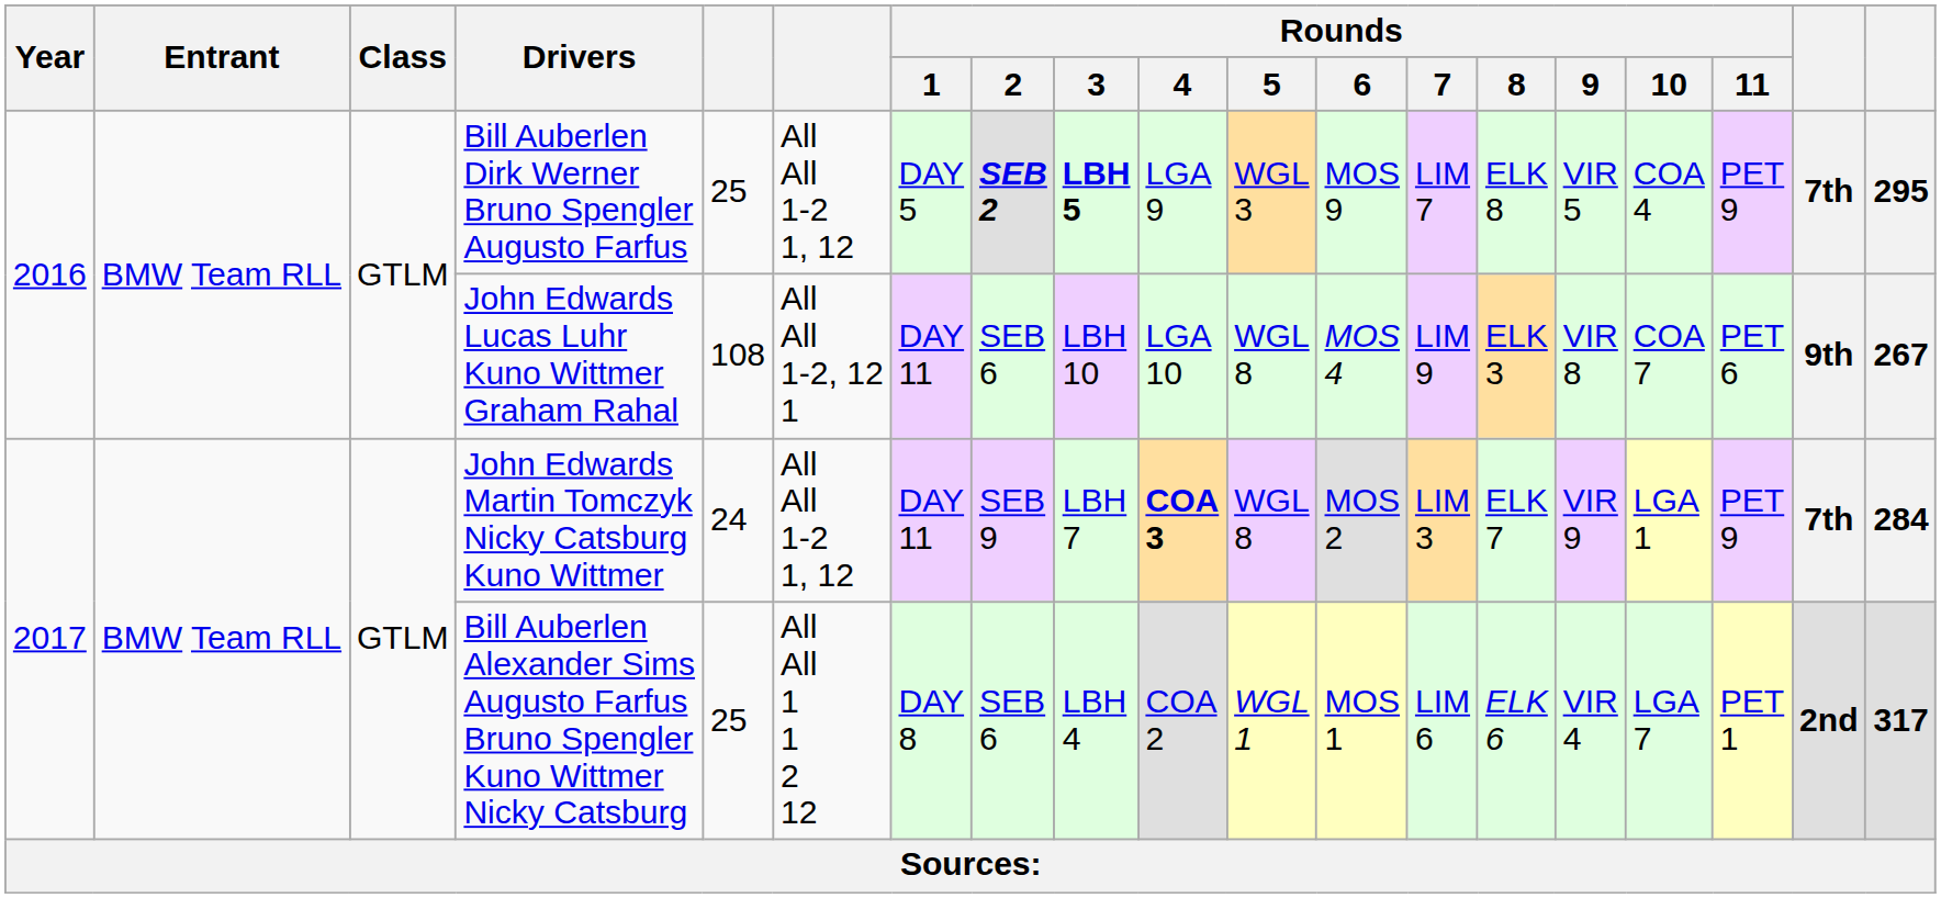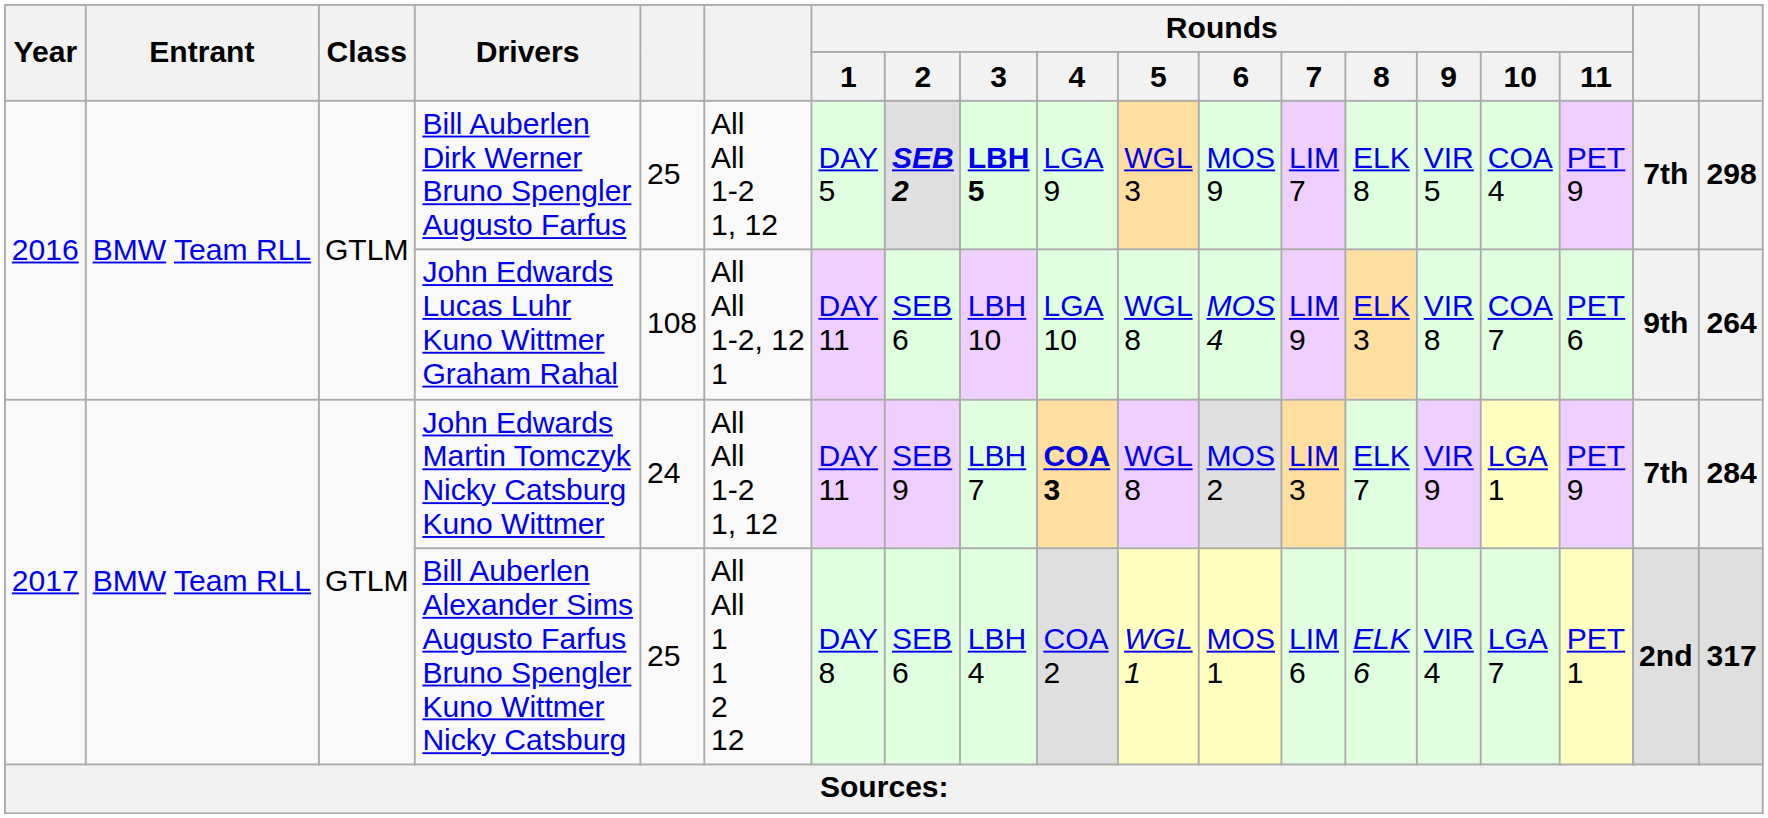 <table class="wikitable">
 <tr>
 <th rowspan="2">Year</th>
 <th rowspan="2">Entrant</th>
 <th rowspan="2">Class</th>
 <th rowspan="2">Drivers</th>
 <th rowspan="2"></th>
 <th rowspan="2"></th>
 <th colspan="11">Rounds</th>
 <th rowspan="2"></th>
 <th rowspan="2"></th>
 </tr>
 <tr>
 <th>1</th>
 <th>2</th>
 <th>3</th>
 <th>4</th>
 <th>5</th>
 <th>6</th>
 <th>7</th>
 <th>8</th>
 <th>9</th>
 <th>10</th>
 <th>11</th>
 </tr>
 <tr>
 <td rowspan="2"><a href='#'>2016</a></td>
 <td rowspan="2"> <a href='#'>BMW</a> <a href='#'>Team RLL</a></td>
 <td rowspan="2">GTLM</td>
 <td> <a href='#'>Bill Auberlen</a><br> <a href='#'>Dirk Werner</a><br> <a href='#'>Bruno Spengler</a><br> <a href='#'>Augusto Farfus</a></td>
 <td>25</td>
 <td>All<br>All<br>1-2<br>1, 12</td>
 <td style="background:#DFFFDF;"><a href='#'>DAY</a><br>5</td>
 <td style="background:#DFDFDF;”"><strong><em><a href='#'>SEB</a><br>2</em></strong></td>
 <td style="background:#DFFFDF;"><strong><a href='#'>LBH</a><br>5</strong></td>
 <td style="background:#DFFFDF;"><a href='#'>LGA</a><br>9</td>
 <td style="background:#FFDF9F;”"><a href='#'>WGL</a><br>3</td>
 <td style="background:#DFFFDF;"><a href='#'>MOS</a><br>9</td>
 <td style="background:#EFCFFF;"><a href='#'>LIM</a><br>7</td>
 <td style="background:#DFFFDF;"><a href='#'>ELK</a><br>8</td>
 <td style="background:#DFFFDF;"><a href='#'>VIR</a><br>5</td>
 <td style="background:#DFFFDF;"><a href='#'>COA</a><br>4</td>
 <td style="background:#EFCFFF;"><a href='#'>PET</a><br>9</td>
 <th>7th</th>
-<th>295</th>
+<th>298</th>
 </tr>
 <tr>
 <td> <a href='#'>John Edwards</a><br> <a href='#'>Lucas Luhr</a><br> <a href='#'>Kuno Wittmer</a><br> <a href='#'>Graham Rahal</a></td>
 <td>108</td>
 <td>All<br>All<br>1-2, 12<br>1</td>
 <td style="background:#EFCFFF;"><a href='#'>DAY</a><br>11</td>
 <td style="background:#DFFFDF;"><a href='#'>SEB</a><br>6</td>
 <td style="background:#EFCFFF;"><a href='#'>LBH</a><br>10</td>
 <td style="background:#DFFFDF;"><a href='#'>LGA</a><br>10</td>
 <td style="background:#DFFFDF;"><a href='#'>WGL</a><br>8</td>
 <td style="background:#DFFFDF;"><em><a href='#'>MOS</a><br>4</em></td>
 <td style="background:#EFCFFF;"><a href='#'>LIM</a><br>9</td>
 <td style="background:#FFDF9F;”"><a href='#'>ELK</a><br>3</td>
 <td style="background:#DFFFDF;"><a href='#'>VIR</a><br>8</td>
 <td style="background:#DFFFDF;"><a href='#'>COA</a><br>7</td>
 <td style="background:#DFFFDF;"><a href='#'>PET</a><br>6</td>
 <th>9th</th>
-<th>267</th>
+<th>264</th>
 </tr>
 <tr>
 <td rowspan="2"><a href='#'>2017</a></td>
 <td rowspan="2"> <a href='#'>BMW</a> <a href='#'>Team RLL</a></td>
 <td rowspan="2">GTLM</td>
 <td> <a href='#'>John Edwards</a><br> <a href='#'>Martin Tomczyk</a><br> <a href='#'>Nicky Catsburg</a><br> <a href='#'>Kuno Wittmer</a></td>
 <td>24</td>
 <td>All<br>All<br>1-2<br>1, 12</td>
 <td style="background:#EFCFFF;"><a href='#'>DAY</a><br>11</td>
 <td style="background:#EFCFFF;"><a href='#'>SEB</a><br>9</td>
 <td style="background:#DFFFDF;"><a href='#'>LBH</a><br>7</td>
 <td style="background:#FFDF9F;”"><strong><a href='#'>COA</a><br>3</strong></td>
 <td style="background:#EFCFFF;"><a href='#'>WGL</a><br>8</td>
 <td style="background:#DFDFDF;”"><a href='#'>MOS</a><br>2</td>
 <td style="background:#FFDF9F;”"><a href='#'>LIM</a><br>3</td>
 <td style="background:#DFFFDF;"><a href='#'>ELK</a><br>7</td>
 <td style="background:#EFCFFF;"><a href='#'>VIR</a><br>9</td>
 <td style="background:#FFFFBF;”"><a href='#'>LGA</a><br>1</td>
 <td style="background:#EFCFFF;"><a href='#'>PET</a><br>9</td>
 <th>7th</th>
 <th>284</th>
 </tr>
 <tr>
 <td> <a href='#'>Bill Auberlen</a><br> <a href='#'>Alexander Sims</a><br> <a href='#'>Augusto Farfus</a><br> <a href='#'>Bruno Spengler</a><br> <a href='#'>Kuno Wittmer</a><br> <a href='#'>Nicky Catsburg</a></td>
 <td>25</td>
 <td>All<br>All<br>1<br>1<br>2<br>12</td>
 <td style="background:#DFFFDF;"><a href='#'>DAY</a><br>8</td>
 <td style="background:#DFFFDF;"><a href='#'>SEB</a><br>6</td>
 <td style="background:#DFFFDF;"><a href='#'>LBH</a><br>4</td>
 <td style="background:#DFDFDF;”"><a href='#'>COA</a><br>2</td>
 <td style="background:#FFFFBF;”"><em><a href='#'>WGL</a><br>1</em></td>
 <td style="background:#FFFFBF;”"><a href='#'>MOS</a><br>1</td>
 <td style="background:#DFFFDF;"><a href='#'>LIM</a><br>6</td>
 <td style="background:#DFFFDF;"><em><a href='#'>ELK</a><br>6</em></td>
 <td style="background:#DFFFDF;"><a href='#'>VIR</a><br>4</td>
 <td style="background:#DFFFDF;"><a href='#'>LGA</a><br>7</td>
 <td style="background:#FFFFBF;”"><a href='#'>PET</a><br>1</td>
 <th style="background:#DFDFDF;”">2nd</th>
 <th style="background:#DFDFDF;”">317</th>
 </tr>
 <tr>
 <th colspan="19">Sources:</th>
 </tr>
 </table>
